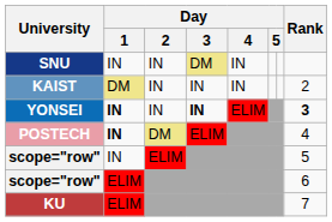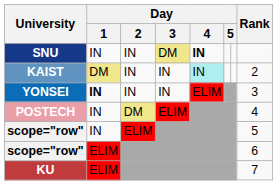 <table class="wikitable">
 <tr>
 <th scope="col" rowspan="2">University</th>
 <th colspan="6" scope="col">Day</th>
 <th rowspan="2" scope="col">Rank</th>
 </tr>
 <tr>
 <th scope="col">1</th>
 <th scope="col">2</th>
 <th scope="col">3</th>
 <th scope="col">4</th>
 <th colspan="2" scope="col">5</th>
 </tr>
 <tr>
 <th scope="row" style="background-color:#153888; color:white">SNU</th>
 <td>IN </td>
 <td>IN</td>
 <td style="background-color:khaki">DM</td>
-<td>IN </td>
+<td><strong>IN </strong></td>
 <td></td>
 <td></td>
 <td></td>
 </tr>
 <tr>
 <th scope="row" style="background-color:#6093BF; color:white">KAIST</th>
 <td style="background-color:khaki">DM</td>
 <td>IN </td>
 <td>IN </td>
-<td>IN</td>
+<td style="background: paleturquoise;">IN</td>
 <td></td>
 <td></td>
 <td style="text-align:center">2</td>
 </tr>
 <tr>
 <th scope="row" style="background-color:#0B6DB7; color:white">YONSEI</th>
 <td><strong>IN</strong></td>
 <td>IN</td>
-<td><strong>IN</strong></td>
+<td>IN</td>
 <td style="background-color:red">ELIM</td>
 <td colspan="2" style="background-color:darkgrey"></td>
-<td style="text-align:center"><strong>3</strong></td>
+<td style="text-align:center">3</td>
 </tr>
 <tr>
 <th scope="row" style="background-color:#E99EA8; color:white">POSTECH</th>
-<td><strong>IN</strong></td>
+<td>IN</td>
 <td style="background-color:khaki">DM</td>
 <td style="background-color:red">ELIM</td>
 <td colspan="3" style="background-color:darkgrey"></td>
 <td style="text-align:center">4</td>
 </tr>
 <tr>
 <th>scope="row"  </th>
 <td>IN</td>
 <td style="background-color:red">ELIM</td>
 <td colspan="4" style="background-color:darkgrey"></td>
 <td style="text-align:center">5</td>
 </tr>
 <tr>
 <th>scope="row"  </th>
 <td style="background-color:red">ELIM</td>
 <td colspan="5" style="background-color:darkgrey"></td>
 <td style="text-align:center">6</td>
 </tr>
 <tr>
 <th scope="row" style="background-color:#BF3B3C; color:white">KU</th>
 <td style="background-color:red">ELIM</td>
 <td colspan="5" style="background-color:darkgrey"></td>
 <td style="text-align:center">7</td>
 </tr>
 </table>
